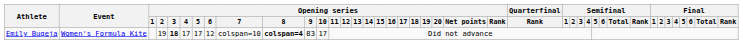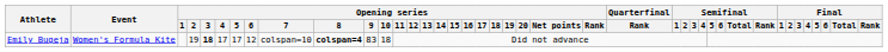 <table class=wikitable style=font-size:90%;text-align:center>
 <tr>
 <th rowspan=2>Athlete</th>
 <th rowspan=2>Event</th>
 <th colspan=22>Opening series</th>
 <th>Quarterfinal</th>
 <th colspan=8>Semifinal</th>
 <th colspan=8>Final</th>
 </tr>
 <tr style=font-size:95%>
 <th>1</th>
 <th>2</th>
 <th>3</th>
 <th>4</th>
 <th>5</th>
 <th>6</th>
 <th>7</th>
 <th>8</th>
 <th>9</th>
 <th>10</th>
 <th>11</th>
 <th>12</th>
 <th>13</th>
 <th>14</th>
 <th>15</th>
 <th>16</th>
 <th>17</th>
 <th>18</th>
 <th>19</th>
 <th>20</th>
 <th>Net points</th>
 <th>Rank</th>
 <th>Rank</th>
 <th>1</th>
 <th>2</th>
 <th>3</th>
 <th>4</th>
 <th>5</th>
 <th>6</th>
 <th>Total</th>
 <th>Rank</th>
 <th>1</th>
 <th>2</th>
 <th>3</th>
 <th>4</th>
 <th>5</th>
 <th>6</th>
 <th>Total</th>
 <th>Rank</th>
 </tr>
 <tr>
 <td align=left><a href='#'>Emily Bugeja</a></td>
 <td align=left><a href='#'>Women's Formula Kite</a></td>
 <td></td>
 <td>19</td>
 <td><strong>18</strong></td>
 <td>17</td>
 <td>17</td>
 <td>12</td>
 <td>colspan=10 </td>
 <td><strong>colspan=4 </strong></td>
 <td>83</td>
-<td>17</td>
+<td>18</td>
 <td colspan=17>Did not advance</td>
 </tr>
 </table>
